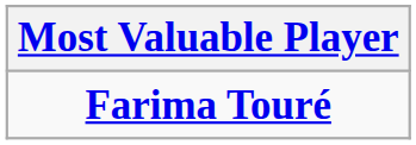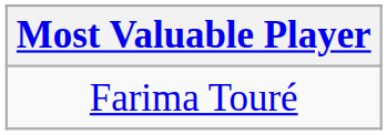 <table class=wikitable style="text-align:center; margin:auto">
 <tr>
 <th><a href='#'>Most Valuable Player</a></th>
 </tr>
 <tr>
-<td><strong> <a href='#'>Farima Touré</a></strong></td>
+<td> <a href='#'>Farima Touré</a></td>
 </tr>
 </table>
